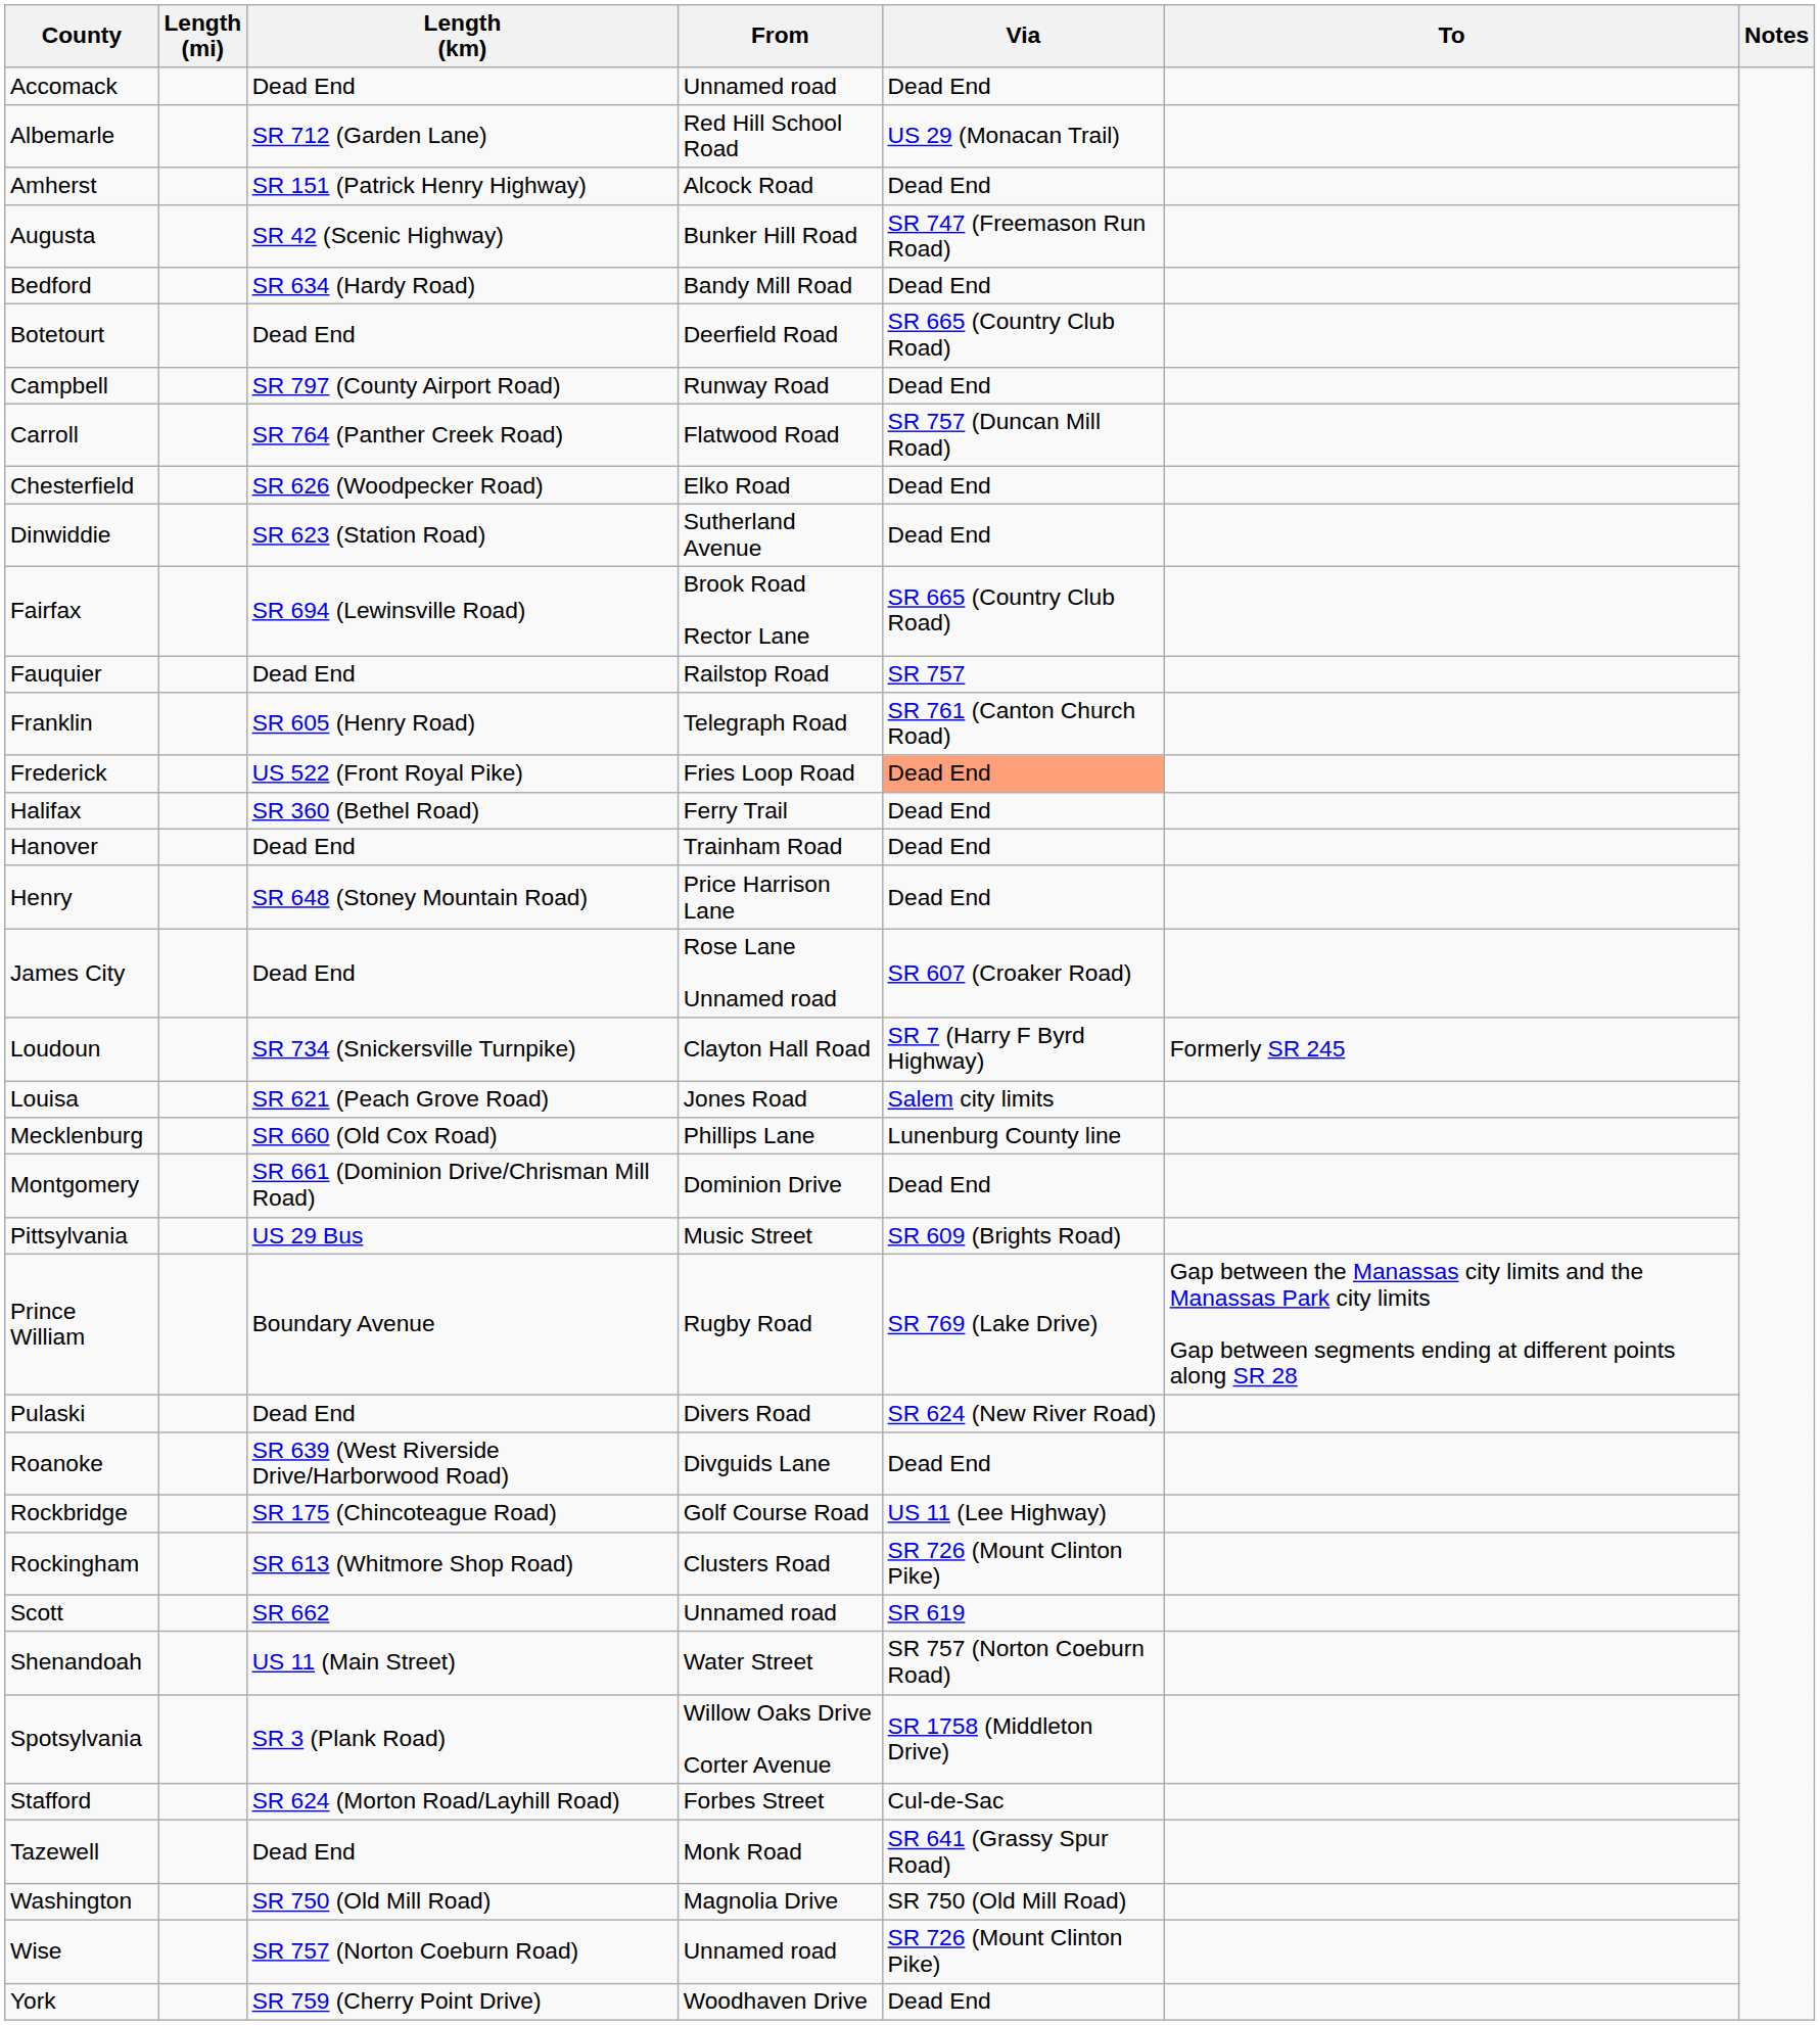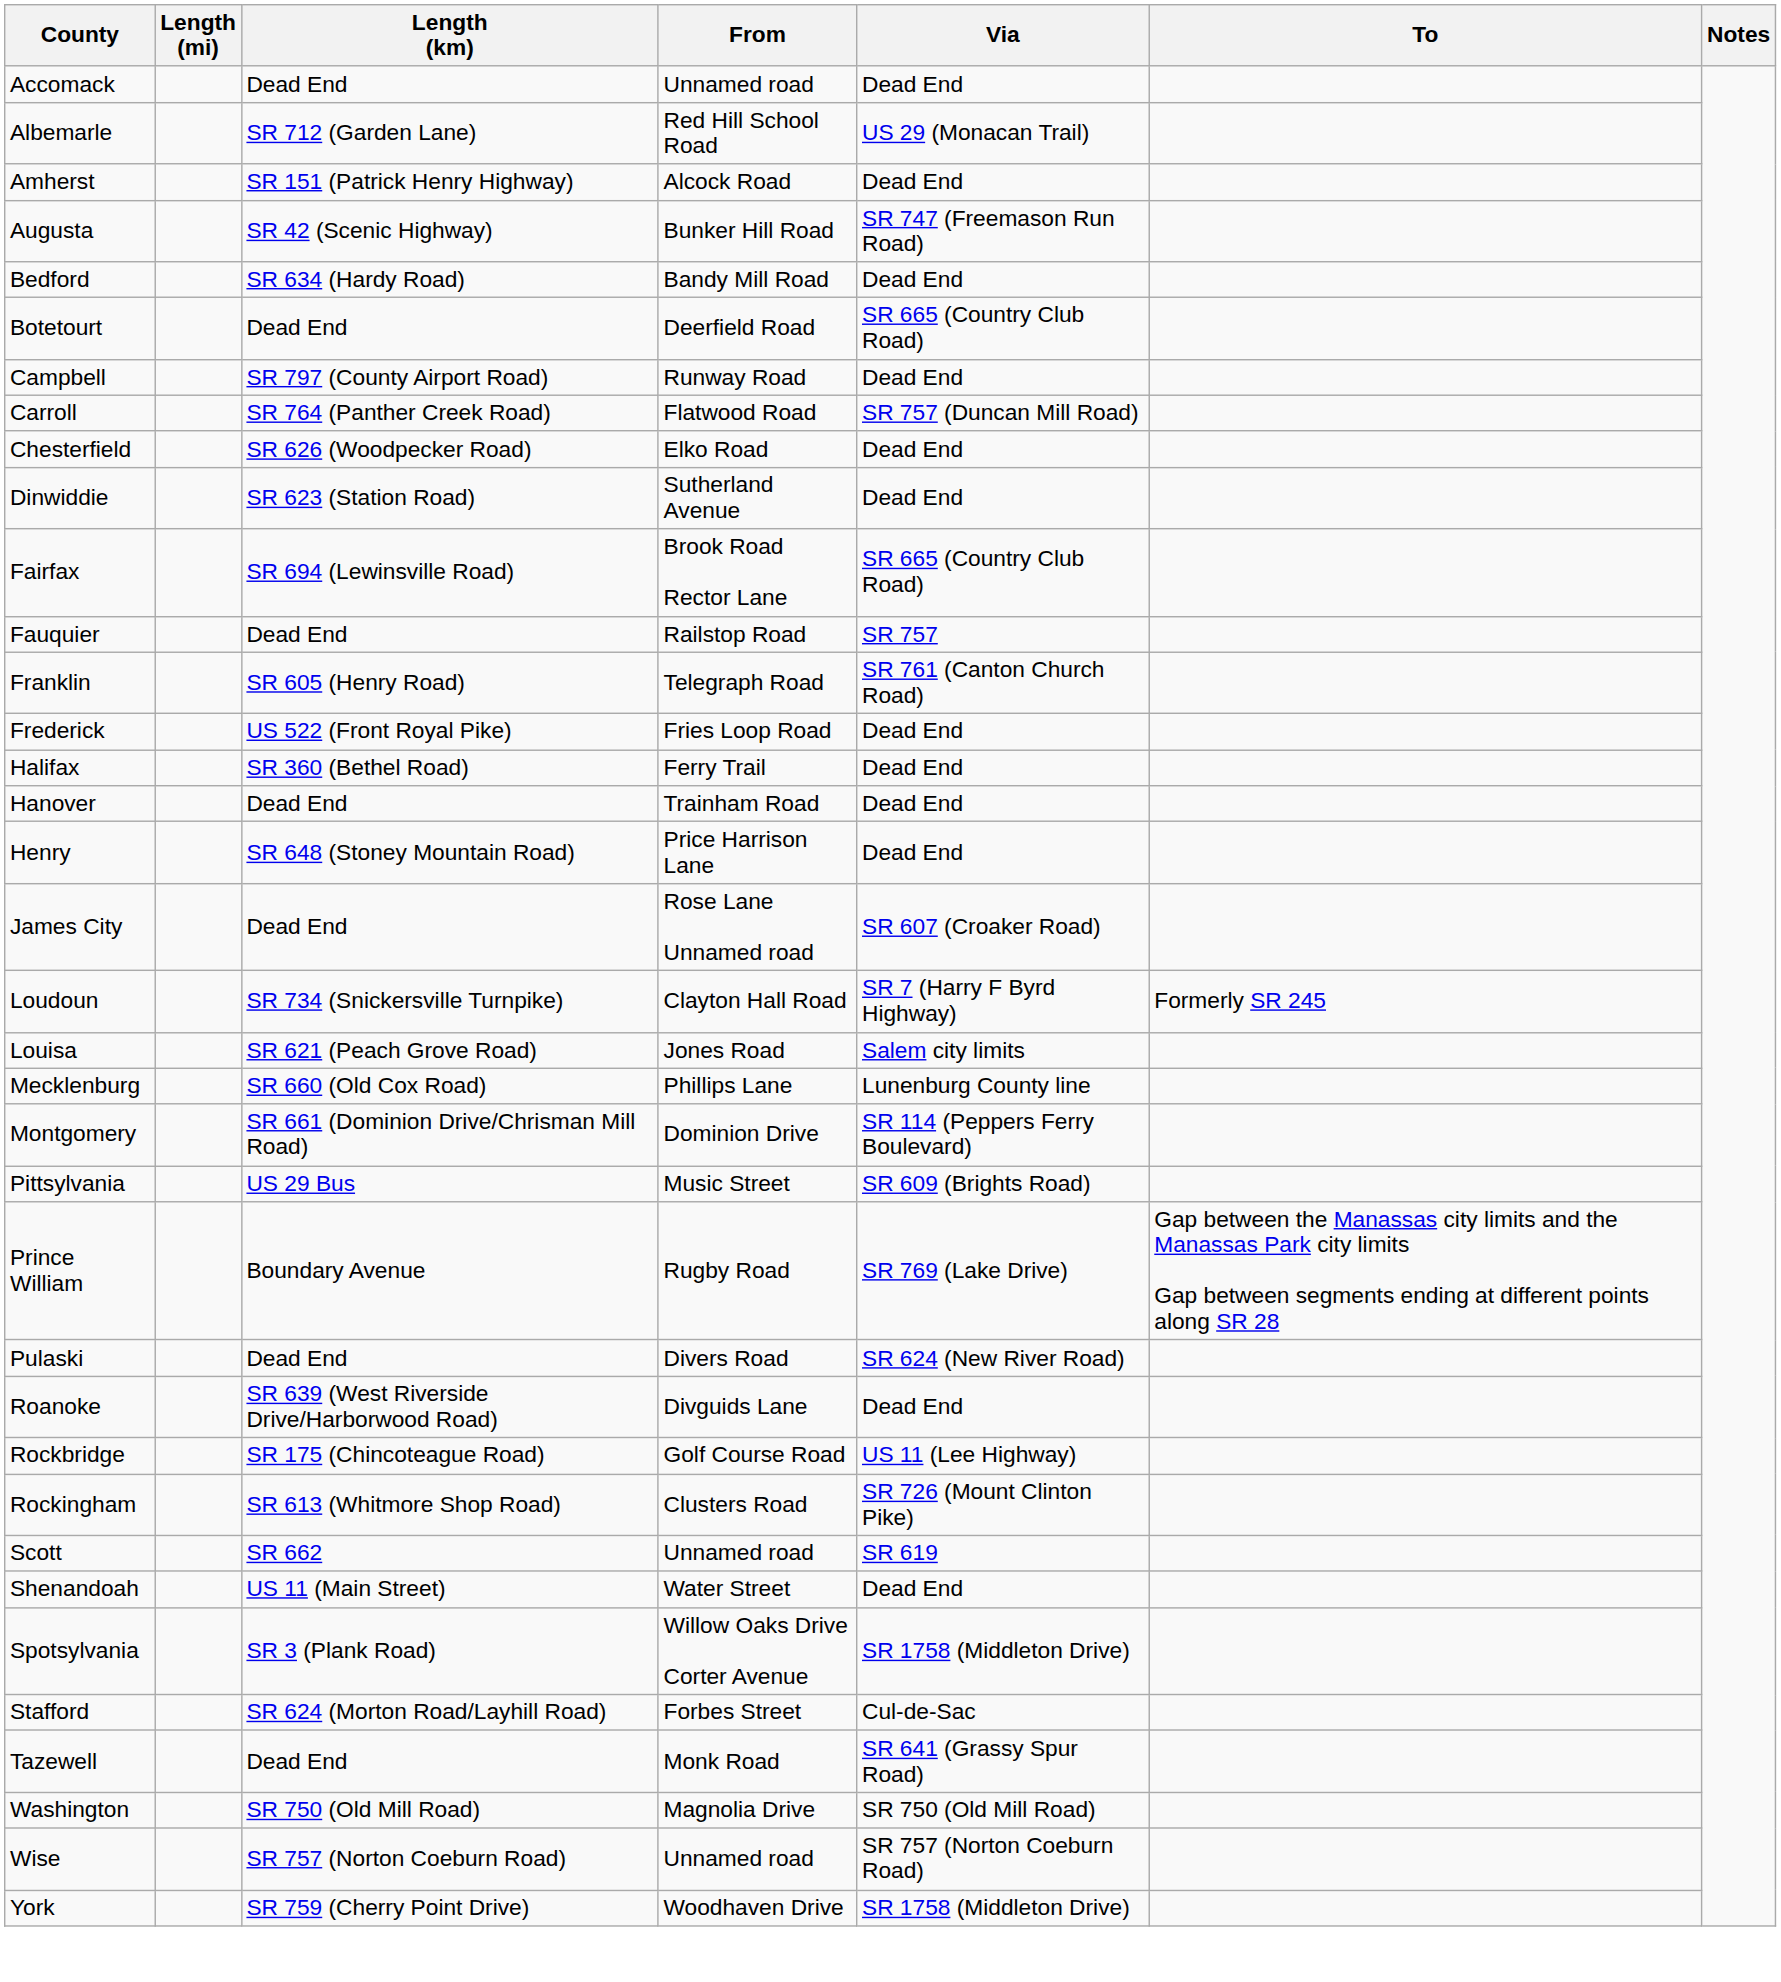 <table class="wikitable sortable">
 <tr>
 <th>County</th>
 <th>Length<br>(mi)</th>
 <th>Length<br>(km)</th>
 <th class="unsortable">From</th>
 <th class="unsortable">Via</th>
 <th class="unsortable">To</th>
 <th class="unsortable">Notes</th>
 </tr>
 <tr>
 <td id="Accomack">Accomack</td>
 <td></td>
 <td>Dead End</td>
 <td>Unnamed road</td>
 <td>Dead End</td>
 <td></td>
 </tr>
 <tr>
 <td id="Albemarle">Albemarle</td>
 <td></td>
 <td><a href='#'>SR 712</a> (Garden Lane)</td>
 <td>Red Hill School Road</td>
 <td><a href='#'>US 29</a> (Monacan Trail)</td>
 <td><br> </td>
 </tr>
 <tr>
 <td id="Amherst">Amherst</td>
 <td></td>
 <td><a href='#'>SR 151</a> (Patrick Henry Highway)</td>
 <td>Alcock Road</td>
 <td>Dead End</td>
 <td><br> </td>
 </tr>
 <tr>
 <td id="Augusta">Augusta</td>
 <td></td>
 <td><a href='#'>SR 42</a> (Scenic Highway)</td>
 <td>Bunker Hill Road</td>
 <td><a href='#'>SR 747</a> (Freemason Run Road)</td>
 <td><br></td>
 </tr>
 <tr>
 <td id="Bedford">Bedford</td>
 <td></td>
 <td><a href='#'>SR 634</a> (Hardy Road)</td>
 <td>Bandy Mill Road</td>
 <td>Dead End</td>
 <td><br></td>
 </tr>
 <tr>
 <td id="Botetourt">Botetourt</td>
 <td></td>
 <td>Dead End</td>
 <td>Deerfield Road</td>
 <td><a href='#'>SR 665</a> (Country Club Road)</td>
 <td><br>  </td>
 </tr>
 <tr>
 <td id="Campbell">Campbell</td>
 <td></td>
 <td><a href='#'>SR 797</a> (County Airport Road)</td>
 <td>Runway Road</td>
 <td>Dead End</td>
 <td><br></td>
 </tr>
 <tr>
 <td id="Carroll">Carroll</td>
 <td></td>
 <td><a href='#'>SR 764</a> (Panther Creek Road)</td>
 <td>Flatwood Road</td>
 <td><a href='#'>SR 757</a> (Duncan Mill Road)</td>
 <td><br> </td>
 </tr>
 <tr>
 <td id="Chesterfield">Chesterfield</td>
 <td></td>
 <td><a href='#'>SR 626</a> (Woodpecker Road)</td>
 <td>Elko Road</td>
 <td>Dead End</td>
 <td><br>    </td>
 </tr>
 <tr>
 <td id="Dinwiddie">Dinwiddie</td>
 <td></td>
 <td><a href='#'>SR 623</a> (Station Road)</td>
 <td>Sutherland Avenue</td>
 <td>Dead End</td>
 <td><br></td>
 </tr>
 <tr>
 <td id="Fairfax">Fairfax</td>
 <td></td>
 <td><a href='#'>SR 694</a> (Lewinsville Road)</td>
 <td>Brook Road<br><br>Rector Lane</td>
 <td><a href='#'>SR 665</a> (Country Club Road)</td>
 <td></td>
 </tr>
 <tr>
 <td id="Fauquier">Fauquier</td>
 <td></td>
 <td>Dead End</td>
 <td>Railstop Road</td>
 <td><a href='#'>SR 757</a></td>
 <td><br> </td>
 </tr>
 <tr>
 <td id="Franklin">Franklin</td>
 <td></td>
 <td><a href='#'>SR 605</a> (Henry Road)</td>
 <td>Telegraph Road</td>
 <td><a href='#'>SR 761</a> (Canton Church Road)</td>
 <td></td>
 </tr>
 <tr>
 <td id="Frederick">Frederick</td>
 <td></td>
 <td><a href='#'>US 522</a> (Front Royal Pike)</td>
 <td>Fries Loop Road</td>
-<td style="background: lightsalmon;">Dead End</td>
+<td>Dead End</td>
 <td><br>     </td>
 </tr>
 <tr>
 <td id="Halifax">Halifax</td>
 <td></td>
 <td><a href='#'>SR 360</a> (Bethel Road)</td>
 <td>Ferry Trail</td>
 <td>Dead End</td>
 <td></td>
 </tr>
 <tr>
 <td id="Hanover">Hanover</td>
 <td></td>
 <td>Dead End</td>
 <td>Trainham Road</td>
 <td>Dead End</td>
 <td><br></td>
 </tr>
 <tr>
 <td id="Henry">Henry</td>
 <td></td>
 <td><a href='#'>SR 648</a> (Stoney Mountain Road)</td>
 <td>Price Harrison Lane</td>
 <td>Dead End</td>
 <td><br> </td>
 </tr>
 <tr>
 <td id="James City">James City</td>
 <td></td>
 <td>Dead End</td>
 <td>Rose Lane<br><br>Unnamed road</td>
 <td><a href='#'>SR 607</a> (Croaker Road)</td>
 <td><br>    </td>
 </tr>
 <tr>
 <td id="Loudoun">Loudoun</td>
 <td></td>
 <td><a href='#'>SR 734</a> (Snickersville Turnpike)</td>
 <td>Clayton Hall Road</td>
 <td><a href='#'>SR 7</a> (Harry F Byrd Highway)</td>
 <td>Formerly <a href='#'>SR 245</a></td>
 </tr>
 <tr>
 <td id="Louisa">Louisa</td>
 <td></td>
 <td><a href='#'>SR 621</a> (Peach Grove Road)</td>
 <td>Jones Road</td>
 <td><a href='#'>Salem</a> city limits</td>
 <td><br>  </td>
 </tr>
 <tr>
 <td id="Mecklenburg">Mecklenburg</td>
 <td></td>
 <td><a href='#'>SR 660</a> (Old Cox Road)</td>
 <td>Phillips Lane</td>
 <td>Lunenburg County line</td>
 <td><br></td>
 </tr>
 <tr>
 <td id="Montgomery">Montgomery</td>
 <td></td>
 <td><a href='#'>SR 661</a> (Dominion Drive/Chrisman Mill Road)</td>
 <td>Dominion Drive</td>
-<td>Dead End</td>
+<td><a href='#'>SR 114</a> (Peppers Ferry Boulevard)</td>
 <td><br>       </td>
 </tr>
 <tr>
 <td id="Pittsylvania">Pittsylvania</td>
 <td></td>
 <td><a href='#'>US 29 Bus</a></td>
 <td>Music Street</td>
 <td><a href='#'>SR 609</a> (Brights Road)</td>
 <td><br>  </td>
 </tr>
 <tr>
 <td id="Prince William">Prince William</td>
 <td></td>
 <td>Boundary Avenue</td>
 <td>Rugby Road</td>
 <td><a href='#'>SR 769</a> (Lake Drive)</td>
 <td>Gap between the <a href='#'>Manassas</a> city limits and the <a href='#'>Manassas Park</a> city limits<br><br>Gap between segments ending at different points along <a href='#'>SR 28</a></td>
 </tr>
 <tr>
 <td id="Pulaski">Pulaski</td>
 <td></td>
 <td>Dead End</td>
 <td>Divers Road</td>
 <td><a href='#'>SR 624</a> (New River Road)</td>
 <td><br> </td>
 </tr>
 <tr>
 <td id="Roanoke">Roanoke</td>
 <td></td>
 <td><a href='#'>SR 639</a> (West Riverside Drive/Harborwood Road)</td>
 <td>Divguids Lane</td>
 <td>Dead End</td>
 <td></td>
 </tr>
 <tr>
 <td id="Rockbridge">Rockbridge</td>
 <td></td>
 <td><a href='#'>SR 175</a> (Chincoteague Road)</td>
 <td>Golf Course Road</td>
 <td><a href='#'>US 11</a> (Lee Highway)</td>
 <td></td>
 </tr>
 <tr>
 <td id="Rockingham">Rockingham</td>
 <td></td>
 <td><a href='#'>SR 613</a> (Whitmore Shop Road)</td>
 <td>Clusters Road</td>
 <td><a href='#'>SR 726</a> (Mount Clinton Pike)</td>
 <td><br></td>
 </tr>
 <tr>
 <td id="Scott">Scott</td>
 <td></td>
 <td><a href='#'>SR 662</a></td>
 <td>Unnamed road</td>
 <td><a href='#'>SR 619</a></td>
 <td></td>
 </tr>
 <tr>
 <td id="Shenandoah">Shenandoah</td>
 <td></td>
 <td><a href='#'>US 11</a> (Main Street)</td>
 <td>Water Street</td>
-<td>SR 757 (Norton Coeburn Road)</td>
+<td>Dead End</td>
 <td><br> </td>
 </tr>
 <tr>
 <td id="Spotsylvania">Spotsylvania</td>
 <td></td>
 <td><a href='#'>SR 3</a> (Plank Road)</td>
 <td>Willow Oaks Drive<br><br>Corter Avenue</td>
 <td><a href='#'>SR 1758</a> (Middleton Drive)</td>
 <td></td>
 </tr>
 <tr>
 <td id="Stafford">Stafford</td>
 <td></td>
 <td><a href='#'>SR 624</a> (Morton Road/Layhill Road)</td>
 <td>Forbes Street</td>
 <td>Cul-de-Sac</td>
 <td><br> </td>
 </tr>
 <tr>
 <td id="Tazewell">Tazewell</td>
 <td></td>
 <td>Dead End</td>
 <td>Monk Road</td>
 <td><a href='#'>SR 641</a> (Grassy Spur Road)</td>
 <td><br></td>
 </tr>
 <tr>
 <td id="Washington">Washington</td>
 <td></td>
 <td><a href='#'>SR 750</a> (Old Mill Road)</td>
 <td>Magnolia Drive</td>
 <td>SR 750 (Old Mill Road)</td>
 <td><br></td>
 </tr>
 <tr>
 <td id="Wise">Wise</td>
 <td></td>
 <td><a href='#'>SR 757</a> (Norton Coeburn Road)</td>
 <td>Unnamed road</td>
-<td><a href='#'>SR 726</a> (Mount Clinton Pike)</td>
+<td>SR 757 (Norton Coeburn Road)</td>
 <td><br></td>
 </tr>
 <tr>
 <td id="York">York</td>
 <td></td>
 <td><a href='#'>SR 759</a> (Cherry Point Drive)</td>
 <td>Woodhaven Drive</td>
-<td>Dead End</td>
+<td><a href='#'>SR 1758</a> (Middleton Drive)</td>
 <td></td>
 </tr>
 </table>
